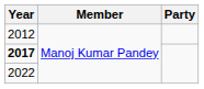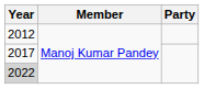 <table class="wikitable">
 <tr>
 <th>Year</th>
 <th>Member</th>
 <th colspan="2">Party</th>
 </tr>
 <tr>
 <td>2012</td>
 <td rowspan="3"><a href='#'>Manoj Kumar Pandey</a></td>
 <td></td>
 </tr>
 <tr>
-<td><strong>2017</strong></td>
+<td>2017</td>
 </tr>
 <tr>
-<td>2022</td>
+<td style="background: lightgrey;">2022</td>
 </tr>
 </table>
